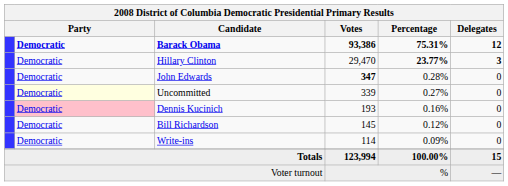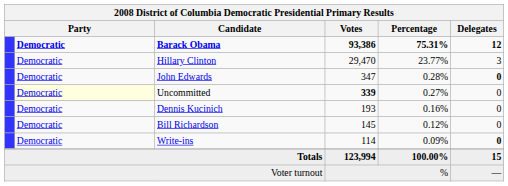 <table class="wikitable" style="font-size:95%;">
 <tr>
 <th colspan="7">2008 District of Columbia Democratic Presidential Primary Results</th>
 </tr>
 <tr>
 <th colspan="2" style="width: 15em">Party</th>
 <th style="width: 17em">Candidate</th>
 <th style="width: 5em">Votes</th>
 <th style="width: 7em">Percentage</th>
 <th style="width: 5em">Delegates</th>
 </tr>
 <tr>
 <th style="background-color:#3333FF; width: 3px"></th>
 <td style="width: 130px"><strong><a href='#'>Democratic</a></strong></td>
 <td><strong><a href='#'>Barack Obama</a></strong></td>
 <td align="right"><strong>93,386</strong></td>
 <td align="right"><strong>75.31%</strong></td>
 <td align="right"><strong>12</strong></td>
 </tr>
 <tr>
 <th style="background-color:#3333FF; width: 3px"></th>
 <td style="width: 130px"><a href='#'>Democratic</a></td>
 <td><a href='#'>Hillary Clinton</a></td>
 <td align="right">29,470</td>
-<td align="right"><strong>23.77%</strong></td>
-<td align="right"><strong>3</strong></td>
+<td align="right">23.77%</td>
+<td align="right">3</td>
 </tr>
 <tr>
 <th style="background-color:#3333FF; width: 3px"></th>
 <td style="width: 130px"><a href='#'>Democratic</a></td>
 <td><a href='#'>John Edwards</a></td>
-<td align="right"><strong>347</strong></td>
+<td align="right">347</td>
 <td align="right">0.28%</td>
-<td align="right">0</td>
+<td align="right"><strong>0</strong></td>
 </tr>
 <tr>
 <th style="background-color:#3333FF; width: 3px"></th>
 <td style="background: lightyellow; width: 130px"><a href='#'>Democratic</a></td>
 <td>Uncommitted</td>
-<td align="right">339</td>
+<td align="right"><strong>339</strong></td>
 <td align="right">0.27%</td>
 <td align="right">0</td>
 </tr>
 <tr>
 <th style="background-color:#3333FF; width: 3px"></th>
-<td style="background: pink; width: 130px"><a href='#'>Democratic</a></td>
+<td style="width: 130px"><a href='#'>Democratic</a></td>
 <td><a href='#'>Dennis Kucinich</a></td>
 <td align="right">193</td>
 <td align="right">0.16%</td>
 <td align="right">0</td>
 </tr>
 <tr>
 <th style="background-color:#3333FF; width: 3px"></th>
 <td style="width: 130px"><a href='#'>Democratic</a></td>
 <td><a href='#'>Bill Richardson</a></td>
 <td align="right">145</td>
 <td align="right">0.12%</td>
 <td align="right">0</td>
 </tr>
 <tr>
 <th style="background-color:#3333FF; width: 3px"></th>
 <td style="width: 130px"><a href='#'>Democratic</a></td>
 <td><a href='#'>Write-ins</a></td>
 <td align="right">114</td>
 <td align="right">0.09%</td>
-<td align="right">0</td>
+<td align="right"><strong>0</strong></td>
 </tr>
 <tr>
 </tr>
 <tr bgcolor="#EEEEEE">
 <td colspan="3" align="right"><strong>Totals</strong></td>
 <td align="right"><strong>123,994</strong></td>
 <td align="right"><strong>100.00%</strong></td>
 <td align="right"><strong>15</strong></td>
 </tr>
 <tr bgcolor="#EEEEEE">
 <td colspan="3" align="right">Voter turnout</td>
 <td colspan="2" align="right">%</td>
 <td align="right">—</td>
 </tr>
 </table>
